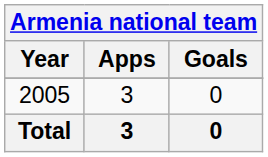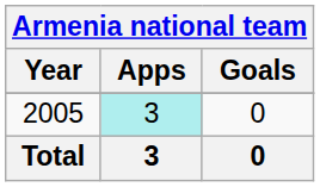 <table class="wikitable" style="text-align:center">
 <tr>
 <th colspan=3><a href='#'>Armenia national team</a></th>
 </tr>
 <tr>
 <th>Year</th>
 <th>Apps</th>
 <th>Goals</th>
 </tr>
 <tr>
 </tr>
 <tr>
 <td>2005</td>
-<td>3</td>
+<td style="background: paleturquoise;">3</td>
 <td>0</td>
 </tr>
 <tr>
 <th>Total</th>
 <th>3</th>
 <th>0</th>
 </tr>
 </table>
